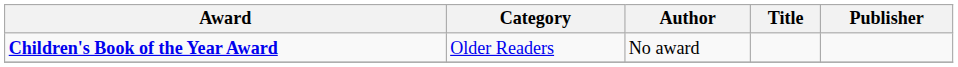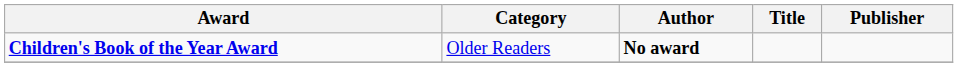 <table class="wikitable" width=95%>
 <tr>
 <th>Award</th>
 <th>Category</th>
 <th>Author</th>
 <th>Title</th>
 <th>Publisher</th>
 </tr>
 <tr>
 <td><strong><a href='#'>Children's Book of the Year Award</a></strong></td>
 <td><a href='#'>Older Readers</a></td>
-<td>No award</td>
+<td><strong>No award</strong></td>
 <td></td>
 <td></td>
 </tr>
 <tr>
 </tr>
 </table>
